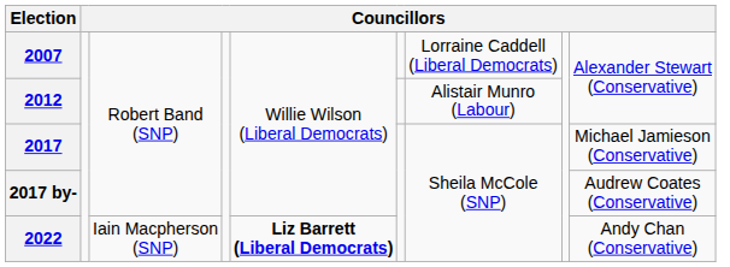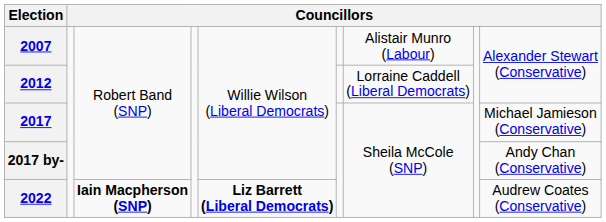 <table class="wikitable" style="text-align:center">
 <tr>
 <th>Election</th>
 <th colspan=8>Councillors</th>
 </tr>
 <tr>
 <th><a href='#'>2007</a></th>
 <td rowspan=5; style="background-color: "></td>
 <td rowspan=4>Robert Band<br>(<a href='#'>SNP</a>)</td>
 <td rowspan=5; style="background-color: "></td>
 <td rowspan=4>Willie Wilson<br>(<a href='#'>Liberal Democrats</a>)</td>
 <td rowspan=1; style="background-color: "></td>
-<td rowspan=1>Lorraine Caddell<br>(<a href='#'>Liberal Democrats</a>)</td>
+<td rowspan=1>Alistair Munro<br>(<a href='#'>Labour</a>)</td>
 <td rowspan=5; style="background-color: "></td>
 <td rowspan=2><a href='#'>Alexander Stewart</a><br>(<a href='#'>Conservative</a>)</td>
 </tr>
 <tr>
 <th><a href='#'>2012</a></th>
 <td rowspan=1; style="background-color: "></td>
-<td rowspan=1>Alistair Munro<br>(<a href='#'>Labour</a>)</td>
+<td rowspan=1>Lorraine Caddell<br>(<a href='#'>Liberal Democrats</a>)</td>
 </tr>
 <tr>
 <th><a href='#'>2017</a></th>
 <td rowspan=3; style="background-color: "></td>
 <td rowspan=3>Sheila McCole<br>(<a href='#'>SNP</a>)</td>
 <td rowspan=1>Michael Jamieson<br>(<a href='#'>Conservative</a>)</td>
 </tr>
 <tr>
 <th>2017 by-</th>
-<td rowspan=1>Audrew Coates<br>(<a href='#'>Conservative</a>)</td>
+<td rowspan=1>Andy Chan<br>(<a href='#'>Conservative</a>)</td>
 </tr>
 <tr>
 <th><a href='#'>2022</a></th>
-<td rowspan=1>Iain Macpherson<br>(<a href='#'>SNP</a>)</td>
+<td rowspan=1><strong>Iain Macpherson<br>(<a href='#'>SNP</a>)</strong></td>
 <td rowspan=1><strong>Liz Barrett<br>(<a href='#'>Liberal Democrats</a>)</strong></td>
-<td rowspan=1>Andy Chan<br>(<a href='#'>Conservative</a>)</td>
+<td rowspan=1>Audrew Coates<br>(<a href='#'>Conservative</a>)</td>
 </tr>
 </table>
